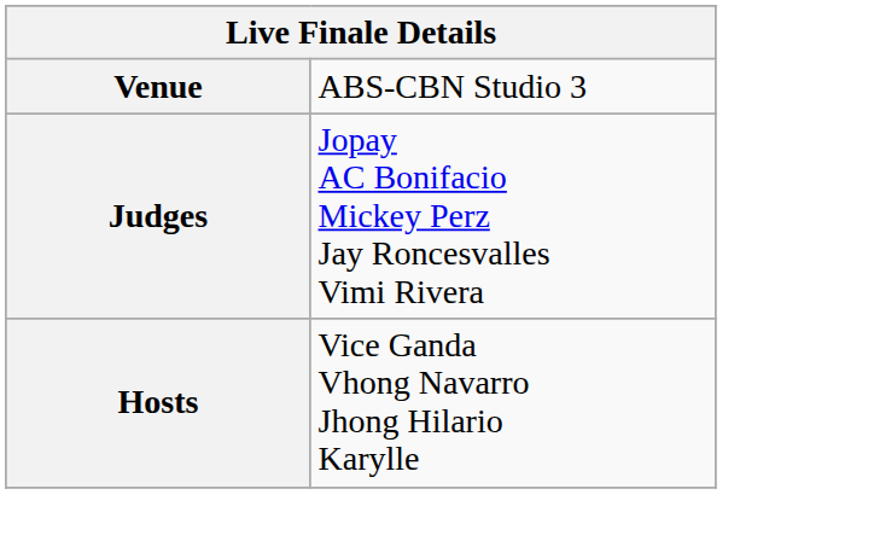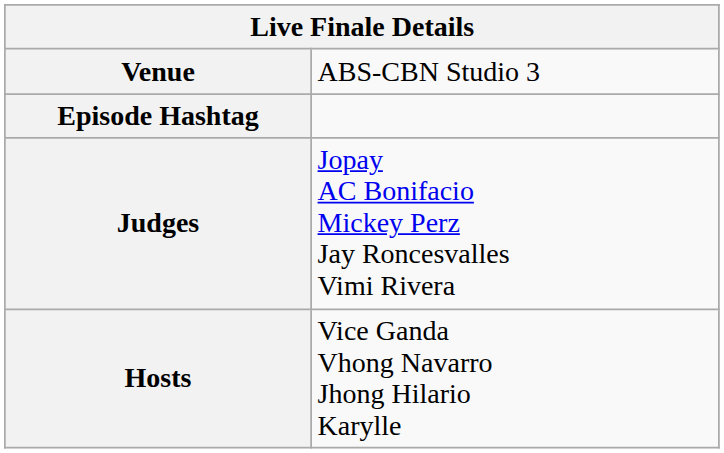 <table class="wikitable plainrowheaders mw-collapsible ">
 <tr>
 <th colspan="2">Live Finale Details</th>
 </tr>
 <tr>
 <th width="30%">Venue</th>
 <td width="40%">ABS-CBN Studio 3</td>
+</tr>
+<tr>
+<th>Episode Hashtag</th>
+<td></td>
 </tr>
 <tr>
 <th>Judges</th>
 <td><a href='#'>Jopay</a><br><a href='#'>AC Bonifacio</a><br><a href='#'>Mickey Perz</a><br>Jay Roncesvalles<br>Vimi Rivera</td>
 </tr>
 <tr>
 <th>Hosts</th>
 <td>Vice Ganda<br>Vhong Navarro<br>Jhong Hilario<br>Karylle</td>
 </tr>
 </table>
